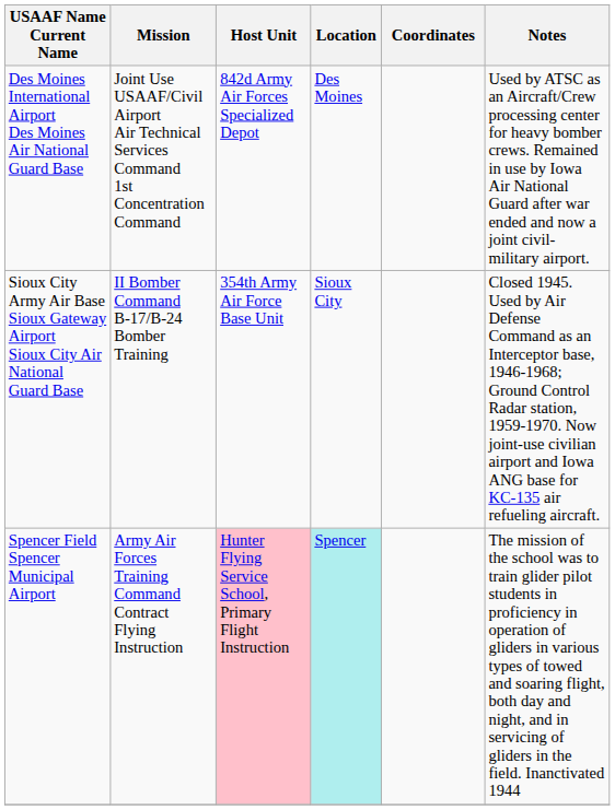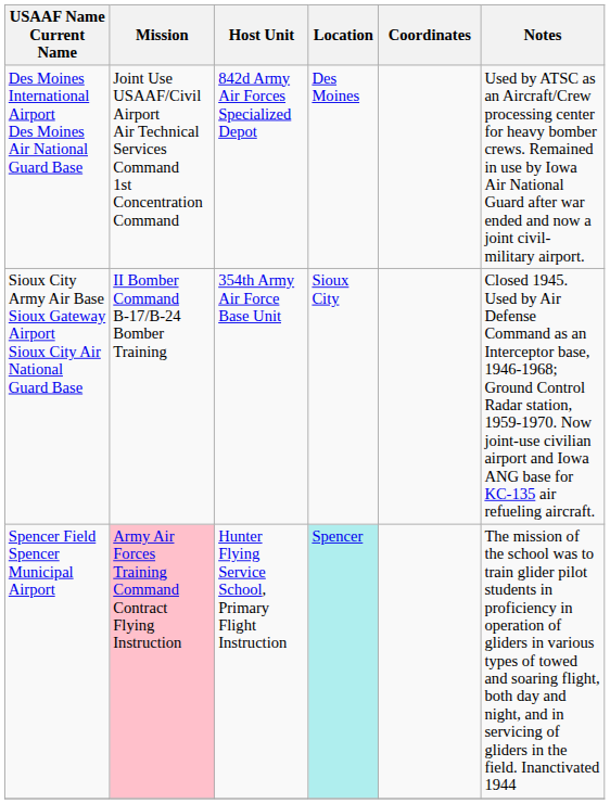 <table class="wikitable">
 <tr>
 <th scope="col" width="300">USAAF Name<br>Current Name</th>
 <th scope="col" width="200">Mission</th>
 <th scope="col" width="250">Host Unit</th>
 <th scope="col" width="100">Location</th>
 <th scope="col" width="250">Coordinates</th>
 <th scope="col" width="450">Notes</th>
 </tr>
 <tr valign="top">
 <td><a href='#'>Des Moines International Airport</a><br><a href='#'>Des Moines Air National Guard Base</a></td>
 <td>Joint Use USAAF/Civil Airport<br>Air Technical Services Command<br>1st Concentration Command</td>
 <td><a href='#'>842d Army Air Forces Specialized Depot</a></td>
 <td><a href='#'>Des Moines</a></td>
 <td></td>
 <td>Used by ATSC as an Aircraft/Crew processing center for heavy bomber crews.  Remained in use by Iowa Air National Guard after war ended and now a joint civil-military airport.</td>
 </tr>
 <tr valign="top">
 <td>Sioux City Army Air Base<br><a href='#'>Sioux Gateway Airport</a><br><a href='#'>Sioux City Air National Guard Base</a></td>
 <td><a href='#'>II Bomber Command</a><br>B-17/B-24 Bomber Training</td>
 <td><a href='#'>354th Army Air Force Base Unit</a></td>
 <td><a href='#'>Sioux City</a></td>
 <td></td>
 <td>Closed 1945.  Used by Air Defense Command as an Interceptor base, 1946-1968; Ground Control Radar station, 1959-1970. Now joint-use civilian airport and Iowa ANG base for <a href='#'>KC-135</a> air refueling aircraft.</td>
 </tr>
 <tr valign="top">
 <td><a href='#'>Spencer Field</a><br><a href='#'>Spencer Municipal Airport</a></td>
-<td><a href='#'>Army Air Forces Training Command</a><br> Contract Flying Instruction</td>
-<td style="background: pink;"><a href='#'>Hunter Flying Service School</a>, Primary Flight Instruction</td>
+<td style="background: pink;"><a href='#'>Army Air Forces Training Command</a><br> Contract Flying Instruction</td>
+<td><a href='#'>Hunter Flying Service School</a>, Primary Flight Instruction</td>
 <td style="background: paleturquoise;"><a href='#'>Spencer</a></td>
 <td></td>
 <td>The mission of the school was to train glider pilot students in proficiency in operation of gliders in various types of towed and soaring flight, both day and night, and in servicing of gliders in the field.  Inanctivated 1944</td>
 </tr>
 <tr>
 </tr>
 </table>
